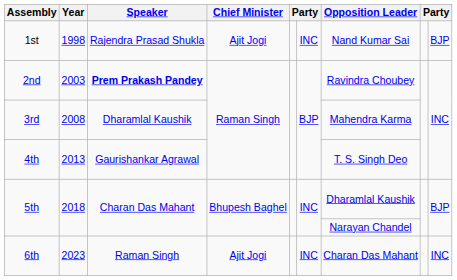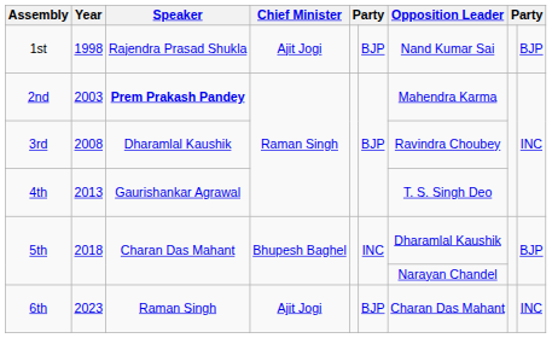 <table class="wikitable" style="text-align:center">
 <tr>
 <th scope="col">Assembly</th>
 <th scope="col">Year</th>
 <th scope="col"><a href='#'>Speaker</a></th>
 <th scope="col"><a href='#'>Chief Minister</a></th>
 <th colspan="2">Party</th>
 <th scope="col"><a href='#'>Opposition Leader</a></th>
 <th colspan="2">Party</th>
 </tr>
 <tr style="text-align:center; height:60px;">
 <td>1st</td>
 <td><a href='#'>1998</a></td>
 <td><a href='#'>Rajendra Prasad Shukla</a></td>
 <td><a href='#'>Ajit Jogi</a></td>
 <td width="4px" style="background-color: "></td>
-<td><a href='#'>INC</a></td>
+<td><a href='#'>BJP</a></td>
 <td><a href='#'>Nand Kumar Sai</a></td>
 <td width="4px" style="background-color: "></td>
 <td><a href='#'>BJP</a></td>
 </tr>
 <tr style="text-align:center; height:60px;">
 <td><a href='#'>2nd</a></td>
 <td><a href='#'>2003</a></td>
 <td><strong><a href='#'>Prem Prakash Pandey</a></strong></td>
 <td rowspan="3"><a href='#'>Raman Singh</a></td>
 <td rowspan="3" width="4px" style="background-color: "></td>
 <td rowspan="3"><a href='#'>BJP</a></td>
-<td><a href='#'>Ravindra Choubey</a></td>
+<td><a href='#'>Mahendra Karma</a></td>
 <td rowspan="3" width="4px" style="background-color: "></td>
 <td rowspan="3"><a href='#'>INC</a></td>
 </tr>
 <tr style="text-align:center; height:60px;">
 <td><a href='#'>3rd</a></td>
 <td><a href='#'>2008</a></td>
 <td><a href='#'>Dharamlal Kaushik</a></td>
-<td><a href='#'>Mahendra Karma</a></td>
+<td><a href='#'>Ravindra Choubey</a></td>
 </tr>
 <tr style="text-align:center; height:60px;">
 <td><a href='#'>4th</a></td>
 <td><a href='#'>2013</a></td>
 <td><a href='#'>Gaurishankar Agrawal</a></td>
 <td><a href='#'>T. S. Singh Deo</a></td>
 </tr>
 <tr style="text-align:center; height:60px;">
 <td rowspan="2"><a href='#'>5th</a></td>
 <td rowspan="2"><a href='#'>2018</a></td>
 <td rowspan="2"><a href='#'>Charan Das Mahant</a></td>
 <td rowspan="2"><a href='#'>Bhupesh Baghel</a></td>
 <td Rowspan=2 width="4px" style="background-color: "></td>
 <td rowspan="2"><a href='#'>INC</a></td>
 <td><a href='#'>Dharamlal Kaushik</a></td>
 <td Rowspan=2 width="4px" style="background-color: "></td>
 <td rowspan="2"><a href='#'>BJP</a></td>
 </tr>
 <tr>
 <td><a href='#'>Narayan Chandel</a></td>
 </tr>
 <tr style="text-align:center; height:60px;">
 <td><a href='#'>6th</a></td>
 <td><a href='#'>2023</a></td>
 <td><a href='#'>Raman Singh</a></td>
 <td><a href='#'>Ajit Jogi</a></td>
 <td style="background-color: "></td>
-<td><a href='#'>INC</a></td>
+<td><a href='#'>BJP</a></td>
 <td><a href='#'>Charan Das Mahant</a></td>
 <td style="background-color: "></td>
 <td><a href='#'>INC</a></td>
 </tr>
 </table>
